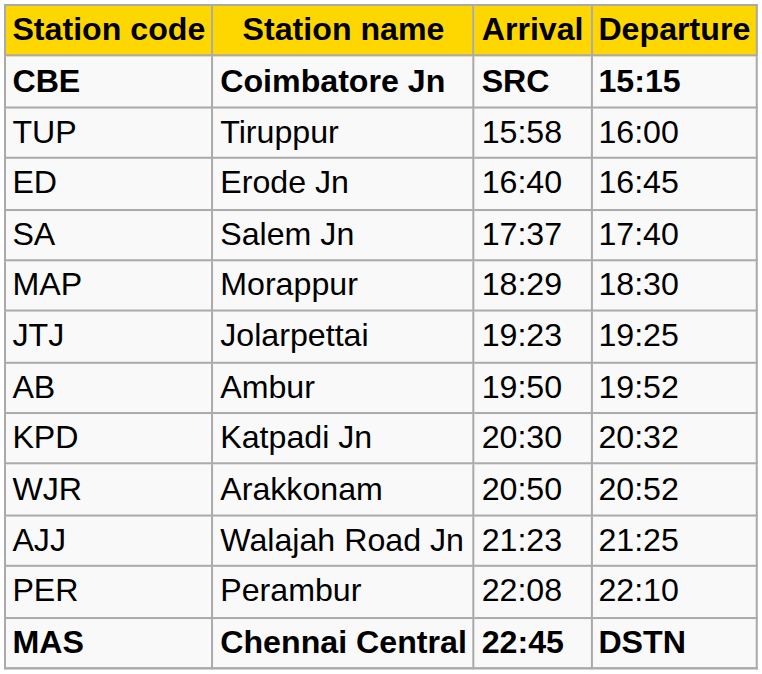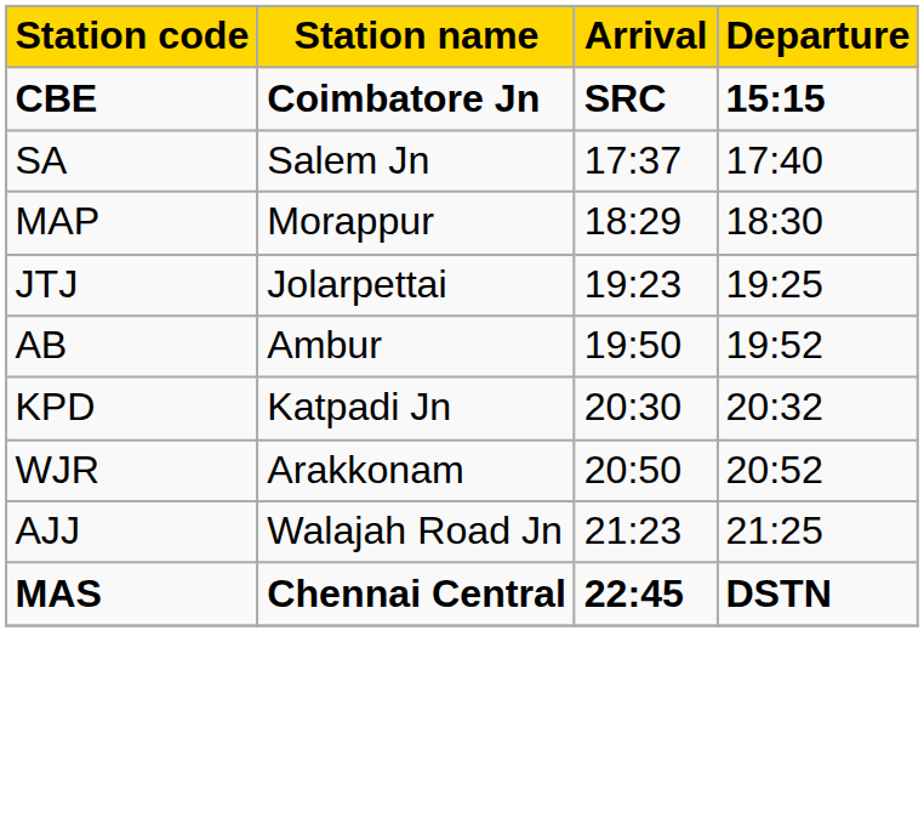 <table class="wikitable">
 <tr>
 <th style="background:gold;">Station code</th>
 <th ! style="background:gold;">Station name</th>
 <th ! style="background:gold;">Arrival</th>
 <th ! style="background:gold;">Departure</th>
 </tr>
 <tr>
 <td><strong>CBE</strong></td>
 <td><strong>Coimbatore Jn</strong></td>
 <td><strong>SRC</strong></td>
 <td><strong>15:15</strong></td>
-</tr>
-<tr>
-<td>TUP</td>
-<td>Tiruppur</td>
-<td>15:58</td>
-<td>16:00</td>
-</tr>
-<tr>
-<td>ED</td>
-<td>Erode Jn</td>
-<td>16:40</td>
-<td>16:45</td>
 </tr>
 <tr>
 <td>SA</td>
 <td>Salem Jn</td>
 <td>17:37</td>
 <td>17:40</td>
 </tr>
 <tr>
 <td>MAP</td>
 <td>Morappur</td>
 <td>18:29</td>
 <td>18:30</td>
 </tr>
 <tr>
 <td>JTJ</td>
 <td>Jolarpettai</td>
 <td>19:23</td>
 <td>19:25</td>
 </tr>
 <tr>
 <td>AB</td>
 <td>Ambur</td>
 <td>19:50</td>
 <td>19:52</td>
 </tr>
 <tr>
 <td>KPD</td>
 <td>Katpadi Jn</td>
 <td>20:30</td>
 <td>20:32</td>
 </tr>
 <tr>
 <td>WJR</td>
 <td>Arakkonam</td>
 <td>20:50</td>
 <td>20:52</td>
 </tr>
 <tr>
 <td>AJJ</td>
 <td>Walajah Road Jn</td>
 <td>21:23</td>
 <td>21:25</td>
 </tr>
 <tr>
-<td>PER</td>
-<td>Perambur</td>
-<td>22:08</td>
-<td>22:10</td>
-</tr>
-<tr>
 <td><strong>MAS</strong></td>
 <td><strong>Chennai Central</strong></td>
 <td><strong>22:45</strong></td>
 <td><strong>DSTN</strong></td>
 </tr>
 <tr>
 </tr>
 </table>
